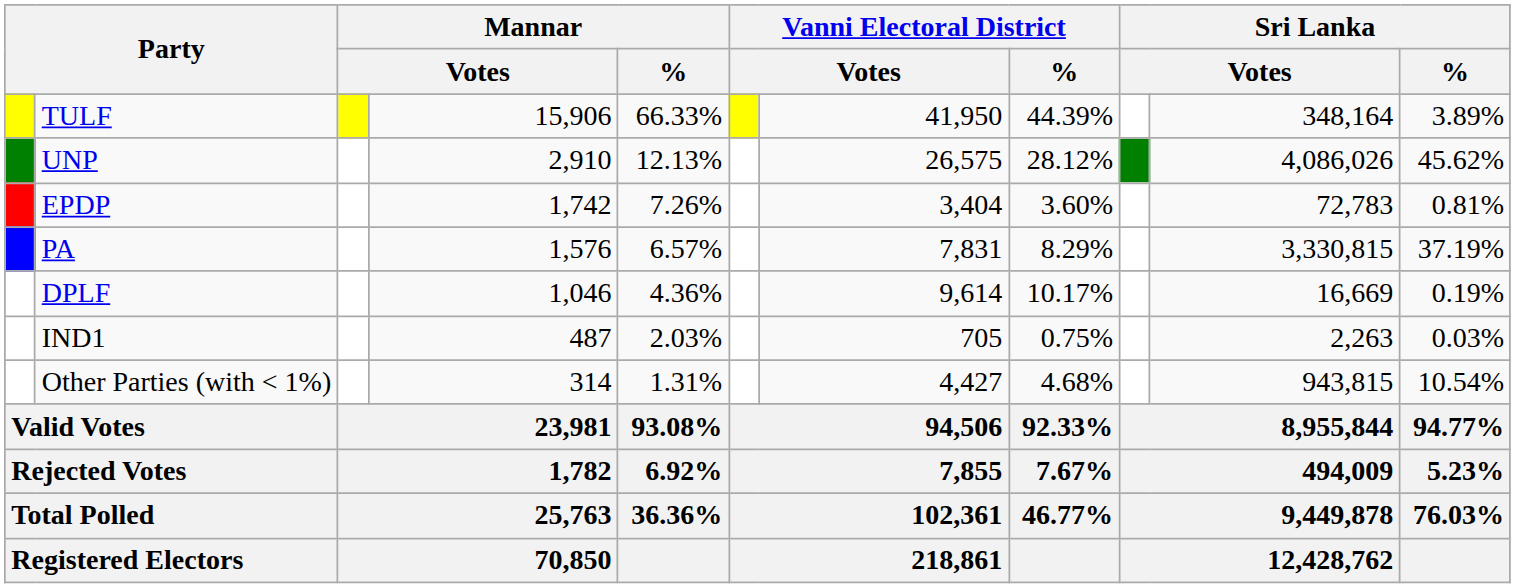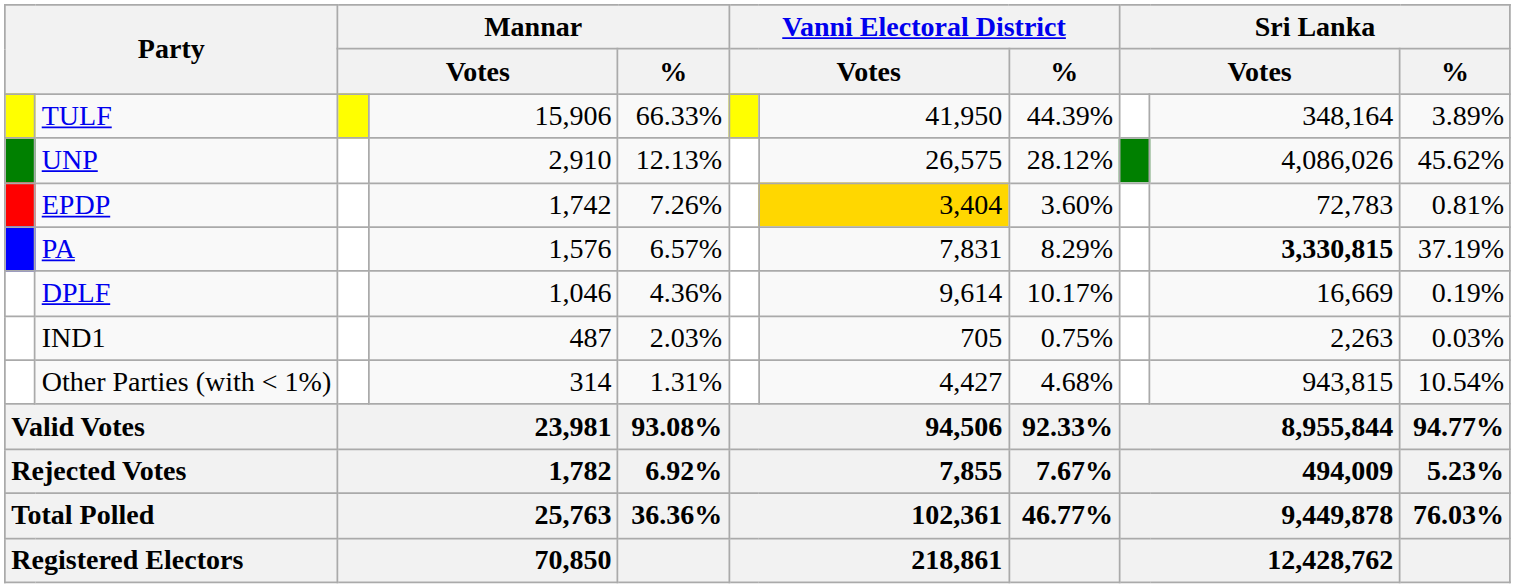 <table class="wikitable">
 <tr>
 <th colspan="2" width="144px"rowspan="2">Party</th>
 <th colspan="3" width="216px">Mannar</th>
 <th colspan="3" width="216px"><a href='#'>Vanni Electoral District</a></th>
 <th colspan="3" width="216px">Sri Lanka</th>
 </tr>
 <tr>
 <th colspan="2" width="144px">Votes</th>
 <th>%</th>
 <th colspan="2" width="144px">Votes</th>
 <th>%</th>
 <th colspan="2" width="144px">Votes</th>
 <th>%</th>
 </tr>
 <tr>
 <td style="background-color:yellow;" width="10px"></td>
 <td style="text-align:left;"><a href='#'>TULF</a></td>
 <td style="background-color:yellow;" width="10px"></td>
 <td style="text-align:right;">15,906</td>
 <td style="text-align:right;">66.33%</td>
 <td style="background-color:yellow;" width="10px"></td>
 <td style="text-align:right;">41,950</td>
 <td style="text-align:right;">44.39%</td>
 <td style="background-color:white;" width="10px"></td>
 <td style="text-align:right;">348,164</td>
 <td style="text-align:right;">3.89%</td>
 </tr>
 <tr>
 <td style="background-color:green;" width="10px"></td>
 <td style="text-align:left;"><a href='#'>UNP</a></td>
 <td style="background-color:white;" width="10px"></td>
 <td style="text-align:right;">2,910</td>
 <td style="text-align:right;">12.13%</td>
 <td style="background-color:white;" width="10px"></td>
 <td style="text-align:right;">26,575</td>
 <td style="text-align:right;">28.12%</td>
 <td style="background-color:green;" width="10px"></td>
 <td style="text-align:right;">4,086,026</td>
 <td style="text-align:right;">45.62%</td>
 </tr>
 <tr>
 <td style="background-color:red;" width="10px"></td>
 <td style="text-align:left;"><a href='#'>EPDP</a></td>
 <td style="background-color:white;" width="10px"></td>
 <td style="text-align:right;">1,742</td>
 <td style="text-align:right;">7.26%</td>
 <td style="background-color:white;" width="10px"></td>
-<td style="text-align:right;">3,404</td>
+<td style="background: gold; text-align:right;">3,404</td>
 <td style="text-align:right;">3.60%</td>
 <td style="background-color:white;" width="10px"></td>
 <td style="text-align:right;">72,783</td>
 <td style="text-align:right;">0.81%</td>
 </tr>
 <tr>
 <td style="background-color:blue;" width="10px"></td>
 <td style="text-align:left;"><a href='#'>PA</a></td>
 <td style="background-color:white;" width="10px"></td>
 <td style="text-align:right;">1,576</td>
 <td style="text-align:right;">6.57%</td>
 <td style="background-color:white;" width="10px"></td>
 <td style="text-align:right;">7,831</td>
 <td style="text-align:right;">8.29%</td>
 <td style="background-color:white;" width="10px"></td>
-<td style="text-align:right;">3,330,815</td>
+<td style="text-align:right;"><strong>3,330,815</strong></td>
 <td style="text-align:right;">37.19%</td>
 </tr>
 <tr>
 <td style="background-color:white;" width="10px"></td>
 <td style="text-align:left;"><a href='#'>DPLF</a></td>
 <td style="background-color:white;" width="10px"></td>
 <td style="text-align:right;">1,046</td>
 <td style="text-align:right;">4.36%</td>
 <td style="background-color:white;" width="10px"></td>
 <td style="text-align:right;">9,614</td>
 <td style="text-align:right;">10.17%</td>
 <td style="background-color:white;" width="10px"></td>
 <td style="text-align:right;">16,669</td>
 <td style="text-align:right;">0.19%</td>
 </tr>
 <tr>
 <td style="background-color:white;" width="10px"></td>
 <td style="text-align:left;">IND1</td>
 <td style="background-color:white;" width="10px"></td>
 <td style="text-align:right;">487</td>
 <td style="text-align:right;">2.03%</td>
 <td style="background-color:white;" width="10px"></td>
 <td style="text-align:right;">705</td>
 <td style="text-align:right;">0.75%</td>
 <td style="background-color:white;" width="10px"></td>
 <td style="text-align:right;">2,263</td>
 <td style="text-align:right;">0.03%</td>
 </tr>
 <tr>
 <td style="background-color:white;" width="10px"></td>
 <td style="text-align:left;">Other Parties (with < 1%)</td>
 <td style="background-color:white;" width="10px"></td>
 <td style="text-align:right;">314</td>
 <td style="text-align:right;">1.31%</td>
 <td style="background-color:white;" width="10px"></td>
 <td style="text-align:right;">4,427</td>
 <td style="text-align:right;">4.68%</td>
 <td style="background-color:white;" width="10px"></td>
 <td style="text-align:right;">943,815</td>
 <td style="text-align:right;">10.54%</td>
 </tr>
 <tr>
 <th colspan="2" width="144px"style="text-align:left;">Valid Votes</th>
 <th style="text-align:right;"colspan="2" width="144px">23,981</th>
 <th style="text-align:right;">93.08%</th>
 <th style="text-align:right;"colspan="2" width="144px">94,506</th>
 <th style="text-align:right;">92.33%</th>
 <th style="text-align:right;"colspan="2" width="144px">8,955,844</th>
 <th style="text-align:right;">94.77%</th>
 </tr>
 <tr>
 <th colspan="2" width="144px"style="text-align:left;">Rejected Votes</th>
 <th style="text-align:right;"colspan="2" width="144px">1,782</th>
 <th style="text-align:right;">6.92%</th>
 <th style="text-align:right;"colspan="2" width="144px">7,855</th>
 <th style="text-align:right;">7.67%</th>
 <th style="text-align:right;"colspan="2" width="144px">494,009</th>
 <th style="text-align:right;">5.23%</th>
 </tr>
 <tr>
 <th colspan="2" width="144px"style="text-align:left;">Total Polled</th>
 <th style="text-align:right;"colspan="2" width="144px">25,763</th>
 <th style="text-align:right;">36.36%</th>
 <th style="text-align:right;"colspan="2" width="144px">102,361</th>
 <th style="text-align:right;">46.77%</th>
 <th style="text-align:right;"colspan="2" width="144px">9,449,878</th>
 <th style="text-align:right;">76.03%</th>
 </tr>
 <tr>
 <th colspan="2" width="144px"style="text-align:left;">Registered Electors</th>
 <th style="text-align:right;"colspan="2" width="144px">70,850</th>
 <th></th>
 <th style="text-align:right;"colspan="2" width="144px">218,861</th>
 <th></th>
 <th style="text-align:right;"colspan="2" width="144px">12,428,762</th>
 <th></th>
 </tr>
 </table>
